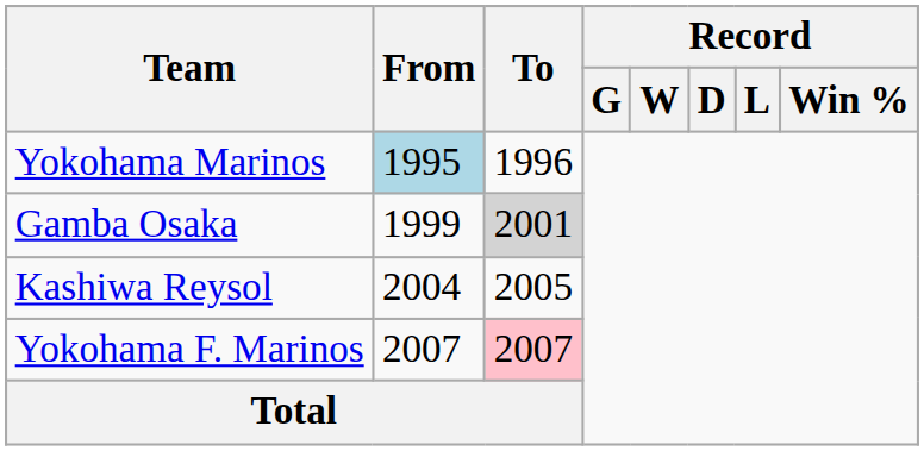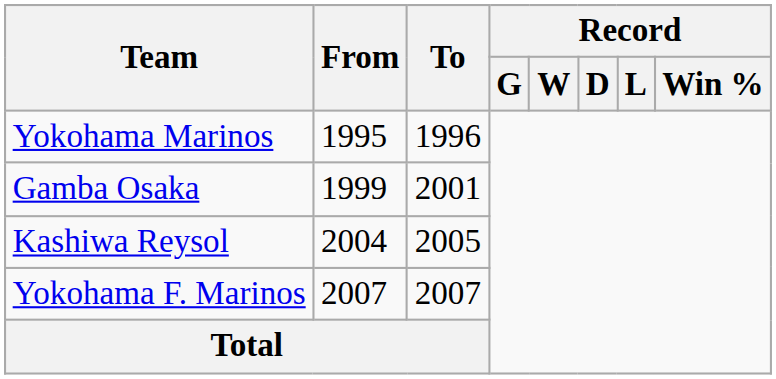 <table class="wikitable" style="text-align: center">
 <tr>
 <th rowspan="2">Team</th>
 <th rowspan="2">From</th>
 <th rowspan="2">To</th>
 <th colspan="5">Record</th>
 </tr>
 <tr>
 <th>G</th>
 <th>W</th>
 <th>D</th>
 <th>L</th>
 <th>Win %</th>
 </tr>
 <tr>
 <td align="left"><a href='#'>Yokohama Marinos</a></td>
-<td align="left" style="background: lightblue;">1995</td>
+<td align="left">1995</td>
 <td align="left">1996<br></td>
 </tr>
 <tr>
 <td align="left"><a href='#'>Gamba Osaka</a></td>
 <td align="left">1999</td>
-<td align="left" style="background: lightgrey;">2001<br></td>
+<td align="left">2001<br></td>
 </tr>
 <tr>
 <td align="left"><a href='#'>Kashiwa Reysol</a></td>
 <td align="left">2004</td>
 <td align="left">2005<br></td>
 </tr>
 <tr>
 <td align="left"><a href='#'>Yokohama F. Marinos</a></td>
 <td align="left">2007</td>
-<td align="left" style="background: pink;">2007<br></td>
+<td align="left">2007<br></td>
 </tr>
 <tr>
 <th colspan="3">Total<br></th>
 </tr>
 </table>
